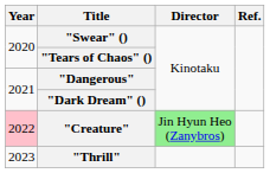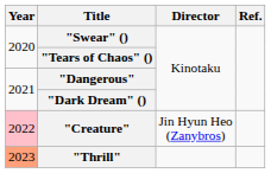 <table class="wikitable plainrowheaders" style="text-align:center; table-layout:fixed; margin-right:0">
 <tr>
 <th>Year</th>
 <th>Title</th>
 <th>Director</th>
 <th>Ref.</th>
 </tr>
 <tr>
 <td rowspan=2>2020</td>
 <th scope="row">"Swear" ()</th>
 <td rowspan=4>Kinotaku</td>
 <td rowspan=4></td>
 </tr>
 <tr>
 <th scope="row">"Tears of Chaos" ()</th>
 </tr>
 <tr>
 <td rowspan="2">2021</td>
 <th scope="row">"Dangerous"</th>
 </tr>
 <tr>
 <th scope="row">"Dark Dream" ()</th>
 </tr>
 <tr>
 <td style="background: pink;">2022</td>
 <th scope="row">"Creature"</th>
-<td style="background: lightgreen;">Jin Hyun Heo<br>(<a href='#'>Zanybros</a>)</td>
+<td>Jin Hyun Heo<br>(<a href='#'>Zanybros</a>)</td>
 <td></td>
 </tr>
 <tr>
-<td>2023</td>
+<td style="background: lightsalmon;">2023</td>
 <th scope="row">"Thrill"</th>
 <td></td>
 <td></td>
 </tr>
 </table>
